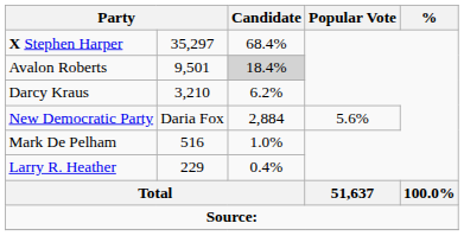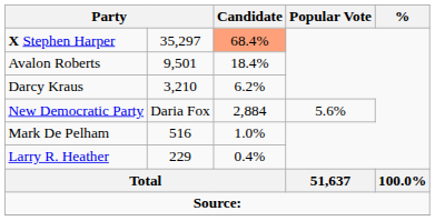 <table class="wikitable">
 <tr>
 <th colspan="2">Party</th>
 <th>Candidate</th>
 <th>Popular Vote</th>
 <th>%</th>
 </tr>
 <tr>
 <td> <strong>X</strong> <a href='#'>Stephen Harper</a></td>
 <td align=center>35,297</td>
-<td align=center>68.4%</td>
+<td align=center style="background: lightsalmon;">68.4%</td>
 </tr>
 <tr>
 <td>Avalon Roberts</td>
 <td align=center>9,501</td>
-<td align=center style="background: lightgrey;">18.4%</td>
+<td align=center>18.4%</td>
 </tr>
 <tr>
 <td>Darcy Kraus</td>
 <td align=center>3,210</td>
 <td align=center>6.2%</td>
 </tr>
 <tr>
 <td><a href='#'>New Democratic Party</a></td>
 <td>Daria Fox</td>
 <td align=center>2,884</td>
 <td align=center>5.6%</td>
 </tr>
 <tr>
 <td>Mark De Pelham</td>
 <td align=center>516</td>
 <td align=center>1.0%</td>
 </tr>
 <tr>
 <td><a href='#'>Larry R. Heather</a></td>
 <td align=center>229</td>
 <td align=center>0.4%</td>
 </tr>
 <tr>
 <th colspan=3>Total</th>
 <th>51,637</th>
 <th>100.0%</th>
 </tr>
 <tr>
 <td align="center" colspan=5><strong>Source:</strong> </td>
 </tr>
 <tr>
 </tr>
 </table>
